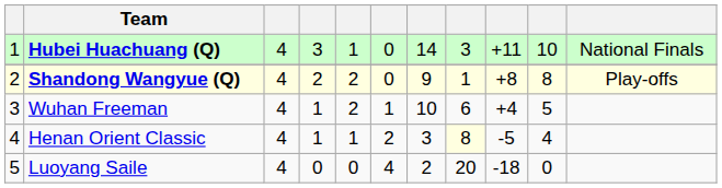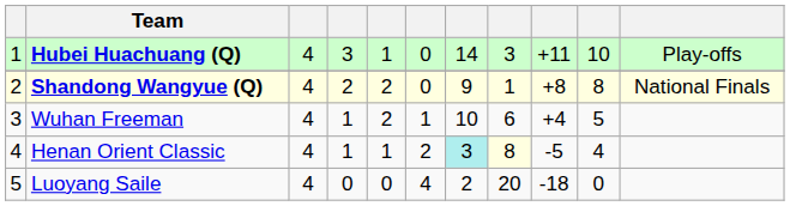 <table class="wikitable" style="text-align:center;">
 <tr>
 <th></th>
 <th width=250>Team</th>
 <th width=30></th>
 <th width=30></th>
 <th width=30></th>
 <th width=30></th>
 <th width=30></th>
 <th width=30></th>
 <th width=30></th>
 <th width=30></th>
 <th width=150></th>
 </tr>
 <tr bgcolor="#ccffcc">
 <td>1</td>
 <td align="left"><strong><a href='#'>Hubei Huachuang</a> (Q)</strong></td>
 <td>4</td>
 <td>3</td>
 <td>1</td>
 <td>0</td>
 <td>14</td>
 <td>3</td>
 <td>+11</td>
 <td>10</td>
-<td>National Finals</td>
+<td>Play-offs</td>
 </tr>
 <tr>
 </tr>
 <tr bgcolor="#FFFFE0">
 <td>2</td>
 <td align="left"><strong><a href='#'>Shandong Wangyue</a> (Q)</strong></td>
 <td>4</td>
 <td>2</td>
 <td>2</td>
 <td>0</td>
 <td>9</td>
 <td>1</td>
 <td>+8</td>
 <td>8</td>
-<td>Play-offs</td>
+<td>National Finals</td>
 </tr>
 <tr>
 <td>3</td>
 <td align="left"><a href='#'>Wuhan Freeman</a></td>
 <td>4</td>
 <td>1</td>
 <td>2</td>
 <td>1</td>
 <td>10</td>
 <td>6</td>
 <td>+4</td>
 <td>5</td>
 <td></td>
 </tr>
 <tr>
 <td>4</td>
 <td align="left"><a href='#'>Henan Orient Classic</a></td>
 <td>4</td>
 <td>1</td>
 <td>1</td>
 <td>2</td>
-<td>3</td>
+<td style="background: paleturquoise;">3</td>
 <td style="background: lightyellow;">8</td>
 <td>-5</td>
 <td>4</td>
 <td></td>
 </tr>
 <tr>
 <td>5</td>
 <td align="left"><a href='#'>Luoyang Saile</a></td>
 <td>4</td>
 <td>0</td>
 <td>0</td>
 <td>4</td>
 <td>2</td>
 <td>20</td>
 <td>-18</td>
 <td>0</td>
 <td></td>
 </tr>
 </table>
